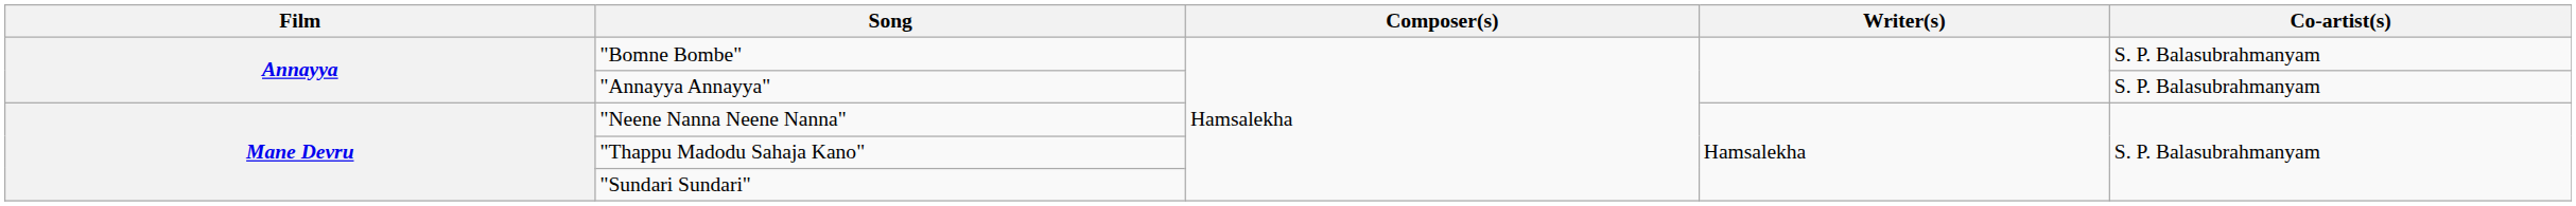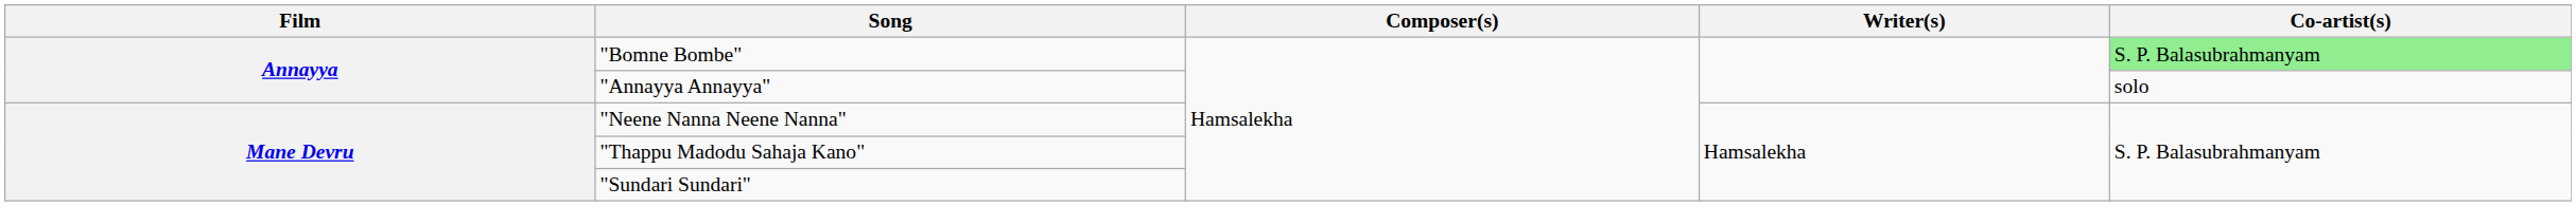 <table class="wikitable plainrowheaders" width="100%" textcolor:#000;">
 <tr style="background:#b0e0e66;">
 <th scope="col" width=23%><strong>Film</strong></th>
 <th scope="col" width=23%><strong>Song</strong></th>
 <th scope="col" width=20%><strong>Composer(s)</strong></th>
 <th scope="col" width=16%><strong>Writer(s)</strong></th>
 <th scope="col" width=18%><strong>Co-artist(s)</strong></th>
 </tr>
 <tr>
 <th Rowspan=2><em><a href='#'>Annayya</a></em></th>
 <td>"Bomne Bombe"</td>
 <td rowspan=5>Hamsalekha</td>
 <td rowspan=2></td>
-<td>S. P. Balasubrahmanyam</td>
+<td style="background: lightgreen;">S. P. Balasubrahmanyam</td>
 </tr>
 <tr>
 <td>"Annayya Annayya"</td>
-<td>S. P. Balasubrahmanyam</td>
+<td>solo</td>
 </tr>
 <tr>
 <th rowspan=3><em><a href='#'>Mane Devru</a></em></th>
 <td>"Neene Nanna Neene Nanna"</td>
 <td rowspan=3>Hamsalekha</td>
 <td rowspan=3>S. P. Balasubrahmanyam</td>
 </tr>
 <tr>
 <td>"Thappu Madodu Sahaja Kano"</td>
 </tr>
 <tr>
 <td>"Sundari Sundari"</td>
 </tr>
 </table>
